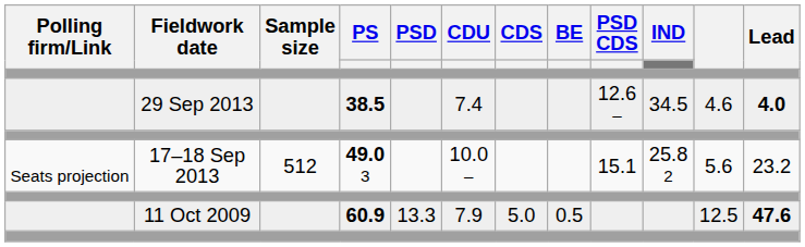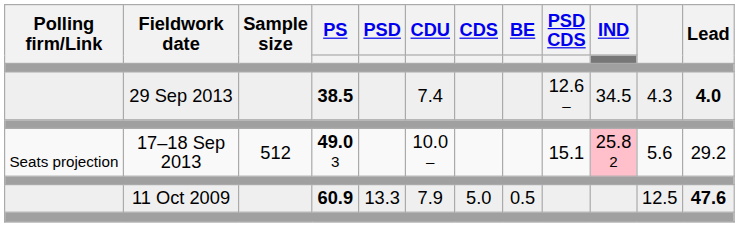 <table class="wikitable collapsible sortable" style="text-align:center; font-size:95%; line-height:16px;">
 <tr style="height:42px;">
 <th style="width:145px;" rowspan="2">Polling firm/Link</th>
 <th style="width:125px;" rowspan="2">Fieldwork date</th>
 <th class="unsortable" style="width:50px;" rowspan="2">Sample size</th>
 <th class="unsortable" style="width:35px;"><a href='#'>PS</a></th>
 <th class="unsortable" style="width:35px;"><a href='#'>PSD</a></th>
 <th class="unsortable" style="width:35px;"><a href='#'>CDU</a></th>
 <th class="unsortable" style="width:35px;"><a href='#'>CDS</a></th>
 <th class="unsortable" style="width:35px;"><a href='#'>BE</a></th>
 <th class="unsortable" style="width:35px;"><a href='#'>PSD</a><br><a href='#'>CDS</a></th>
 <th class="unsortable" style="width:35px;"><a href='#'>IND</a></th>
 <th class="unsortable" style="width:35px;" rowspan="2"></th>
 <th class="unsortable" style="width:30px;" rowspan="2">Lead</th>
 </tr>
 <tr>
 <th class="unsortable" style="color:inherit;background:"></th>
 <th class="unsortable" style="color:inherit;background:"></th>
 <th class="unsortable" style="color:inherit;background:"></th>
 <th class="unsortable" style="color:inherit;background:"></th>
 <th class="unsortable" style="color:inherit;background:"></th>
 <th class="unsortable" style="color:inherit;background:"></th>
 <th class="unsortable" style="color:inherit;background:#777777;"></th>
 </tr>
 <tr>
 <td colspan="13" style="background:#A0A0A0"></td>
 </tr>
 <tr style="background:#EFEFEF;">
 <td><strong></strong></td>
 <td data-sort-value="2019-10-06">29 Sep 2013</td>
 <td></td>
 <td><strong>38.5</strong><br></td>
 <td></td>
 <td>7.4<br></td>
 <td></td>
 <td></td>
 <td align="center">12.6<br><small>– </small></td>
 <td>34.5<br></td>
-<td>4.6</td>
+<td>4.3</td>
 <td style="background:"><strong>4.0</strong></td>
 </tr>
 <tr>
 <td colspan="13" style="background:#A0A0A0"></td>
 </tr>
 <tr>
 <td align="center"><br><small>Seats projection</small></td>
 <td align="center">17–18 Sep 2013</td>
 <td>512</td>
 <td align="center" ><strong>49.0</strong><br><small>3</small></td>
 <td></td>
 <td align="center">10.0<br><small>–</small></td>
 <td></td>
 <td></td>
 <td>15.1<br></td>
-<td align="center">25.8<br><small>2</small></td>
+<td align="center" style="background: pink;">25.8<br><small>2</small></td>
 <td align="center">5.6</td>
-<td style="background:">23.2</td>
+<td style="background:">29.2</td>
 </tr>
 <tr>
 <td colspan="13" style="background:#A0A0A0"></td>
 </tr>
 <tr style="background:#EFEFEF;">
 <td><strong></strong></td>
 <td data-sort-value="2019-10-06">11 Oct 2009</td>
 <td></td>
 <td><strong>60.9</strong><br></td>
 <td>13.3<br></td>
 <td>7.9<br></td>
 <td>5.0<br></td>
 <td>0.5<br></td>
 <td></td>
 <td></td>
 <td>12.5<br></td>
 <td style="background:"><strong>47.6</strong></td>
 </tr>
 <tr>
 <td colspan="13" style="background:#A0A0A0"></td>
 </tr>
 <tr>
 </tr>
 </table>
